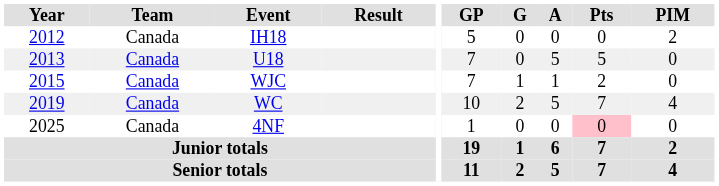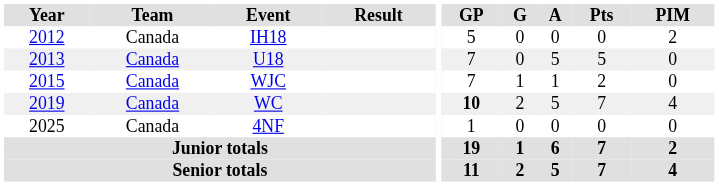 <table border="0" cellpadding="1" cellspacing="0" style="text-align:center; width:40em;">
 <tr bgcolor="#e0e0e0">
 <th>Year</th>
 <th>Team</th>
 <th>Event</th>
 <th>Result</th>
 <th rowspan="99" bgcolor="#ffffff"></th>
 <th>GP</th>
 <th>G</th>
 <th>A</th>
 <th>Pts</th>
 <th>PIM</th>
 </tr>
 <tr>
 <td><a href='#'>2012</a></td>
 <td>Canada</td>
 <td><a href='#'>IH18</a></td>
 <td></td>
 <td>5</td>
 <td>0</td>
 <td>0</td>
 <td>0</td>
 <td>2</td>
 </tr>
 <tr bgcolor="#f0f0f0">
 <td><a href='#'>2013</a></td>
 <td><a href='#'>Canada</a></td>
 <td><a href='#'>U18</a></td>
 <td></td>
 <td>7</td>
 <td>0</td>
 <td>5</td>
 <td>5</td>
 <td>0</td>
 </tr>
 <tr>
 <td><a href='#'>2015</a></td>
 <td><a href='#'>Canada</a></td>
 <td><a href='#'>WJC</a></td>
 <td></td>
 <td>7</td>
 <td>1</td>
 <td>1</td>
 <td>2</td>
 <td>0</td>
 </tr>
 <tr bgcolor="#f0f0f0">
 <td><a href='#'>2019</a></td>
 <td><a href='#'>Canada</a></td>
 <td><a href='#'>WC</a></td>
 <td></td>
-<td>10</td>
+<td><strong>10</strong></td>
 <td>2</td>
 <td>5</td>
 <td>7</td>
 <td>4</td>
 </tr>
 <tr>
 <td>2025</td>
 <td>Canada</td>
 <td><a href='#'>4NF</a></td>
 <td></td>
 <td>1</td>
 <td>0</td>
 <td>0</td>
-<td style="background: pink;">0</td>
+<td>0</td>
 <td>0</td>
 </tr>
 <tr bgcolor="#e0e0e0">
 <th colspan="4">Junior totals</th>
 <th>19</th>
 <th>1</th>
 <th>6</th>
 <th>7</th>
 <th>2</th>
 </tr>
 <tr bgcolor="#e0e0e0">
 <th colspan="4">Senior totals</th>
 <th>11</th>
 <th>2</th>
 <th>5</th>
 <th>7</th>
 <th>4</th>
 </tr>
 </table>
